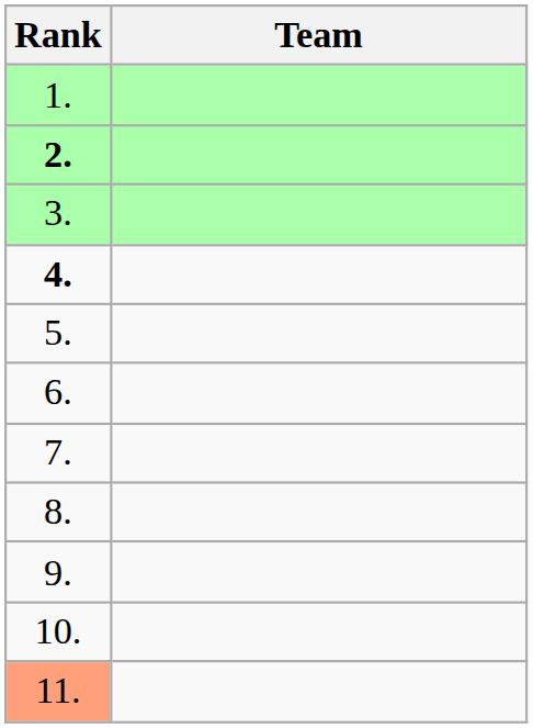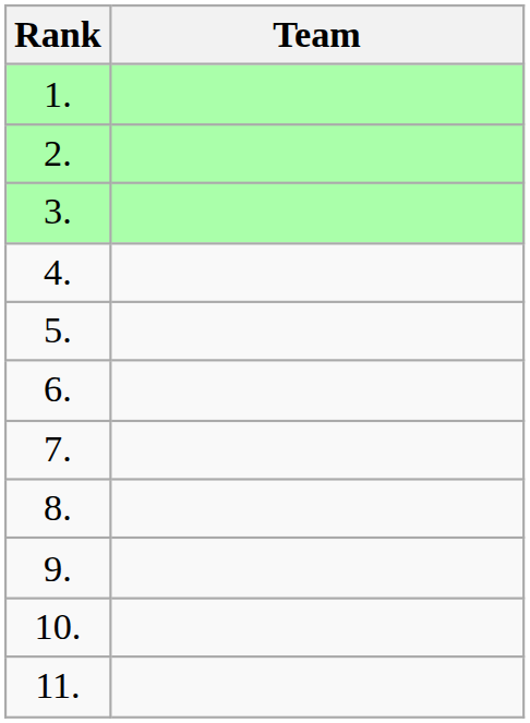 <table class="wikitable">
 <tr>
 <th>Rank</th>
 <th width=170>Team</th>
 </tr>
 <tr bgcolor=#AAFFAA>
 <td align="center">1.</td>
 <td></td>
 </tr>
 <tr bgcolor=#AAFFAA>
-<td align="center"><strong>2.</strong></td>
+<td align="center">2.</td>
 <td></td>
 </tr>
 <tr bgcolor=#AAFFAA>
 <td align="center">3.</td>
 <td></td>
 </tr>
 <tr>
-<td align="center"><strong>4.</strong></td>
+<td align="center">4.</td>
 <td></td>
 </tr>
 <tr>
 <td align="center">5.</td>
 <td></td>
 </tr>
 <tr>
 <td align="center">6.</td>
 <td></td>
 </tr>
 <tr>
 <td align="center">7.</td>
 <td></td>
 </tr>
 <tr>
 <td align="center">8.</td>
 <td></td>
 </tr>
 <tr>
 <td align="center">9.</td>
 <td></td>
 </tr>
 <tr>
 <td align="center">10.</td>
 <td></td>
 </tr>
 <tr>
-<td align="center" style="background: lightsalmon;">11.</td>
+<td align="center">11.</td>
 <td></td>
 </tr>
 </table>
